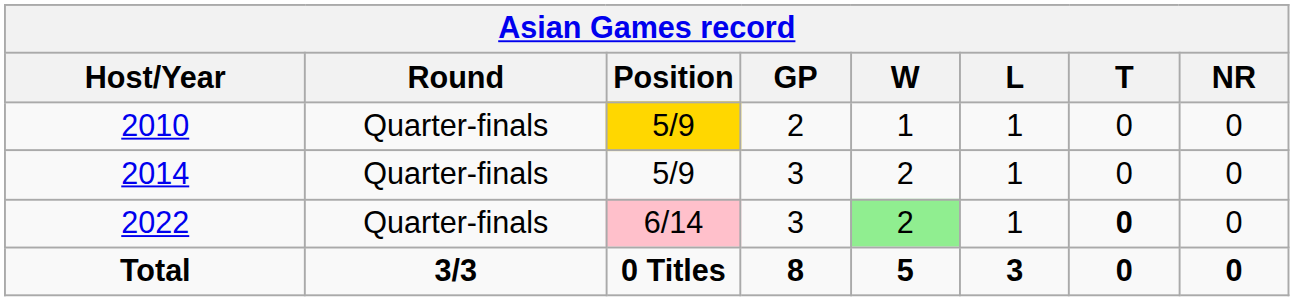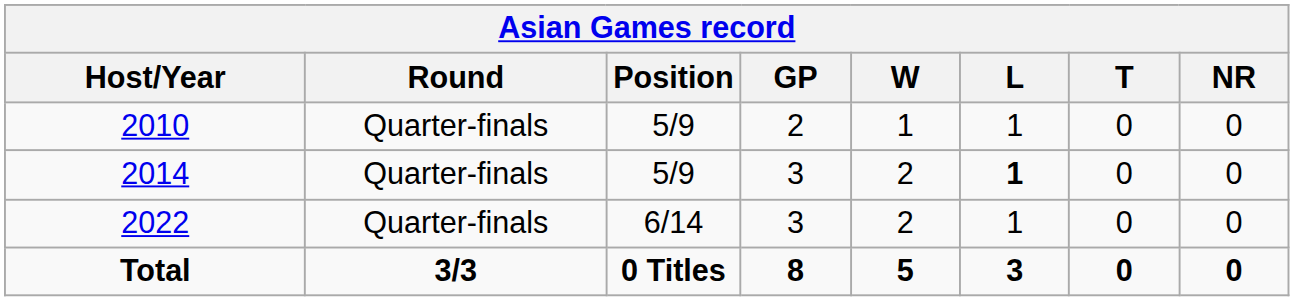 <table class="wikitable" style="text-align: center;">
 <tr>
 <th colspan=8><a href='#'>Asian Games record</a></th>
 </tr>
 <tr>
 <th width=150>Host/Year</th>
 <th width=150>Round</th>
 <th width=50>Position</th>
 <th width=50>GP</th>
 <th width=50>W</th>
 <th width=50>L</th>
 <th width=50>T</th>
 <th width=50>NR</th>
 </tr>
 <tr>
 <td> <a href='#'>2010</a></td>
 <td>Quarter-finals</td>
-<td style="background: gold;">5/9</td>
+<td>5/9</td>
 <td>2</td>
 <td>1</td>
 <td>1</td>
 <td>0</td>
 <td>0</td>
 </tr>
 <tr>
 <td> <a href='#'>2014</a></td>
 <td>Quarter-finals</td>
 <td>5/9</td>
 <td>3</td>
 <td>2</td>
-<td>1</td>
+<td><strong>1</strong></td>
 <td>0</td>
 <td>0</td>
 </tr>
 <tr>
 <td> <a href='#'>2022</a></td>
 <td>Quarter-finals</td>
-<td style="background: pink;">6/14</td>
+<td>6/14</td>
 <td>3</td>
-<td style="background: lightgreen;">2</td>
+<td>2</td>
 <td>1</td>
-<td><strong>0</strong></td>
+<td>0</td>
 <td>0</td>
 </tr>
 <tr>
 <td><strong>Total</strong></td>
 <td><strong>3/3</strong></td>
 <td><strong>0 Titles</strong></td>
 <td><strong>8</strong></td>
 <td><strong>5</strong></td>
 <td><strong>3</strong></td>
 <td><strong>0</strong></td>
 <td><strong>0</strong></td>
 </tr>
 </table>
